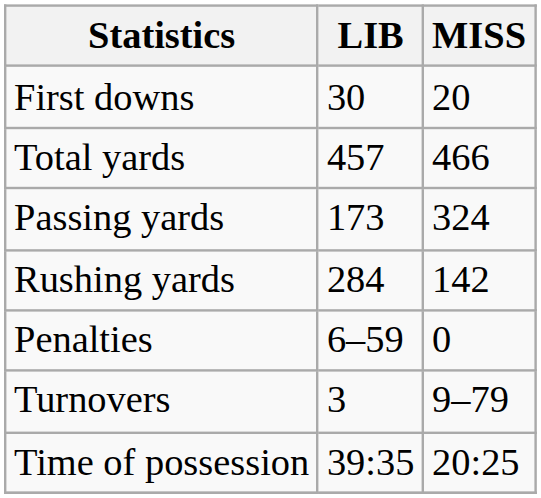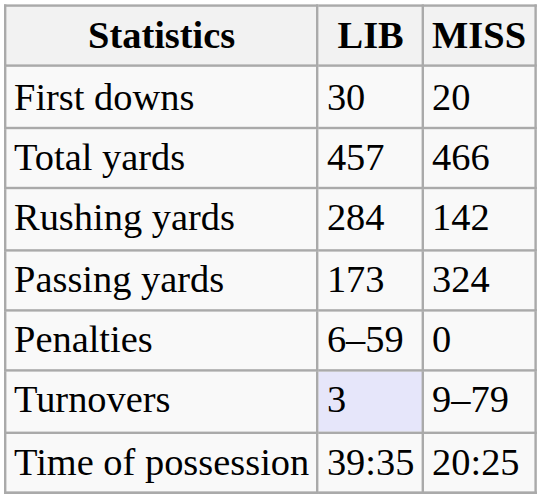 <table class="wikitable" style="float: left;">
 <tr>
 <th>Statistics</th>
 <th>LIB</th>
 <th>MISS</th>
 </tr>
 <tr>
 <td>First downs</td>
 <td>30</td>
 <td>20</td>
 </tr>
 <tr>
 <td>Total yards</td>
 <td>457</td>
 <td>466</td>
 </tr>
 <tr>
+<td>Rushing yards</td>
+<td>284</td>
+<td>142</td>
+</tr>
+<tr>
 <td>Passing yards</td>
 <td>173</td>
 <td>324</td>
-</tr>
-<tr>
-<td>Rushing yards</td>
-<td>284</td>
-<td>142</td>
 </tr>
 <tr>
 <td>Penalties</td>
 <td>6–59</td>
 <td>0</td>
 </tr>
 <tr>
 <td>Turnovers</td>
-<td>3</td>
+<td style="background: lavender;">3</td>
 <td>9–79</td>
 </tr>
 <tr>
 <td>Time of possession</td>
 <td>39:35</td>
 <td>20:25</td>
 </tr>
 <tr>
 </tr>
 </table>
